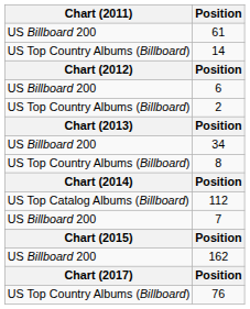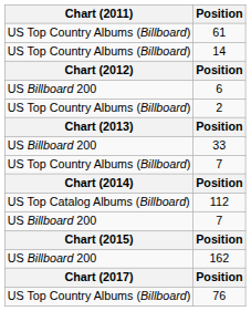 <table class="wikitable">
 <tr>
 <th>Chart (2011)</th>
 <th>Position</th>
 </tr>
 <tr>
-<td>US <em>Billboard</em> 200</td>
+<td>US Top Country Albums (<em>Billboard</em>)</td>
 <td style="text-align:center;">61</td>
 </tr>
 <tr>
 <td>US Top Country Albums (<em>Billboard</em>)</td>
 <td style="text-align:center;">14</td>
 </tr>
 <tr>
 <th>Chart (2012)</th>
 <th>Position</th>
 </tr>
 <tr>
 <td>US <em>Billboard</em> 200</td>
 <td style="text-align:center;">6</td>
 </tr>
 <tr>
 <td>US Top Country Albums (<em>Billboard</em>)</td>
 <td style="text-align:center;">2</td>
 </tr>
 <tr>
 <th scope="col">Chart (2013)</th>
 <th scope="col">Position</th>
 </tr>
 <tr>
 <td>US <em>Billboard</em> 200</td>
-<td style="text-align:center;">34</td>
+<td style="text-align:center;">33</td>
 </tr>
 <tr>
 <td>US Top Country Albums (<em>Billboard</em>)</td>
-<td style="text-align:center;">8</td>
+<td style="text-align:center;">7</td>
 </tr>
 <tr>
 <th>Chart (2014)</th>
 <th>Position</th>
 </tr>
 <tr>
 <td>US Top Catalog Albums (<em>Billboard</em>)</td>
 <td style="text-align:center;">112</td>
 </tr>
 <tr>
 <td>US <em>Billboard</em> 200</td>
 <td style="text-align:center;">7</td>
 </tr>
 <tr>
 <th>Chart (2015)</th>
 <th>Position</th>
 </tr>
 <tr>
 <td>US <em>Billboard</em> 200</td>
 <td style="text-align:center;">162</td>
 </tr>
 <tr>
 <th>Chart (2017)</th>
 <th>Position</th>
 </tr>
 <tr>
 <td>US Top Country Albums (<em>Billboard</em>)</td>
 <td style="text-align:center;">76</td>
 </tr>
 </table>
